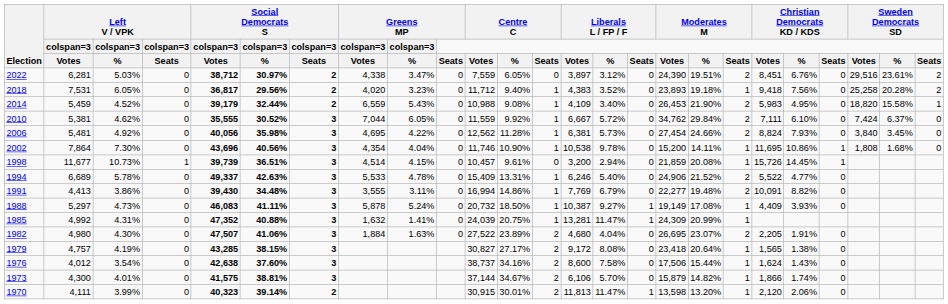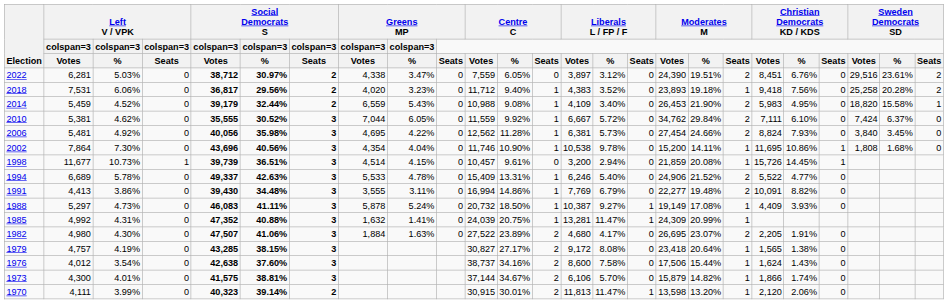 <table class="wikitable" border="1" style="font-size:95%; text-align:right;">
 <tr>
 <th style="text-align:left;" valign=bottom rowspan=3>Election</th>
 <th valign=bottom colspan=3><a href='#'>Left</a><br>V / VPK</th>
 <th valign=bottom colspan=3><a href='#'>Social<br>Democrats</a><br>S</th>
 <th valign=bottom colspan=3><a href='#'>Greens</a><br>MP</th>
 <th valign=bottom colspan=3><a href='#'>Centre</a><br>C</th>
 <th valign=bottom colspan=3><a href='#'>Liberals</a><br>L / FP / F</th>
 <th valign=bottom colspan=3><a href='#'>Moderates</a><br>M</th>
 <th valign=bottom colspan=3><a href='#'>Christian<br>Democrats</a><br>KD / KDS</th>
 <th valign=bottom colspan=3><a href='#'>Sweden<br>Democrats</a><br>SD</th>
 </tr>
 <tr>
 <th>colspan=3 </th>
 <th>colspan=3 </th>
 <th>colspan=3 </th>
 <th>colspan=3 </th>
 <th>colspan=3 </th>
 <th>colspan=3 </th>
 <th>colspan=3 </th>
 <th>colspan=3 </th>
 </tr>
 <tr>
 <th>Votes</th>
 <th>%</th>
 <th>Seats</th>
 <th>Votes</th>
 <th>%</th>
 <th>Seats</th>
 <th>Votes</th>
 <th>%</th>
 <th>Seats</th>
 <th>Votes</th>
 <th>%</th>
 <th>Seats</th>
 <th>Votes</th>
 <th>%</th>
 <th>Seats</th>
 <th>Votes</th>
 <th>%</th>
 <th>Seats</th>
 <th>Votes</th>
 <th>%</th>
 <th>Seats</th>
 <th>Votes</th>
 <th>%</th>
 <th>Seats</th>
 </tr>
 <tr>
 <td align=left><a href='#'>2022</a></td>
 <td>6,281</td>
 <td>5.03%</td>
 <td>0</td>
 <td><strong>38,712</strong></td>
 <td><strong>30.97%</strong></td>
 <td><strong>2</strong></td>
 <td>4,338</td>
 <td>3.47%</td>
 <td>0</td>
 <td>7,559</td>
 <td>6.05%</td>
 <td>0</td>
 <td>3,897</td>
 <td>3.12%</td>
 <td>0</td>
 <td>24,390</td>
 <td>19.51%</td>
 <td>2</td>
 <td>8,451</td>
 <td>6.76%</td>
 <td>0</td>
 <td>29,516</td>
 <td>23.61%</td>
 <td>2</td>
 </tr>
 <tr>
 <td align=left><a href='#'>2018</a></td>
 <td>7,531</td>
-<td>6.05%</td>
+<td>6.06%</td>
 <td>0</td>
 <td><strong>36,817</strong></td>
 <td><strong>29.56%</strong></td>
 <td><strong>2</strong></td>
 <td>4,020</td>
 <td>3.23%</td>
 <td>0</td>
 <td>11,712</td>
 <td>9.40%</td>
 <td>1</td>
 <td>4,383</td>
 <td>3.52%</td>
 <td>0</td>
 <td>23,893</td>
 <td>19.18%</td>
 <td>1</td>
 <td>9,418</td>
 <td>7.56%</td>
 <td>0</td>
 <td>25,258</td>
 <td>20.28%</td>
 <td>2</td>
 </tr>
 <tr>
 <td align=left><a href='#'>2014</a></td>
 <td>5,459</td>
 <td>4.52%</td>
 <td>0</td>
 <td><strong>39,179</strong></td>
 <td><strong>32.44%</strong></td>
 <td><strong>2</strong></td>
 <td>6,559</td>
 <td>5.43%</td>
 <td>0</td>
 <td>10,988</td>
 <td>9.08%</td>
 <td>1</td>
 <td>4,109</td>
 <td>3.40%</td>
 <td>0</td>
 <td>26,453</td>
 <td>21.90%</td>
 <td>2</td>
 <td>5,983</td>
 <td>4.95%</td>
 <td>0</td>
 <td>18,820</td>
 <td>15.58%</td>
 <td>1</td>
 </tr>
 <tr>
 <td align=left><a href='#'>2010</a></td>
 <td>5,381</td>
 <td>4.62%</td>
 <td>0</td>
 <td><strong>35,555</strong></td>
 <td><strong>30.52%</strong></td>
 <td><strong>3</strong></td>
 <td>7,044</td>
 <td>6.05%</td>
 <td>0</td>
 <td>11,559</td>
 <td>9.92%</td>
 <td>1</td>
 <td>6,667</td>
 <td>5.72%</td>
 <td>0</td>
 <td>34,762</td>
 <td>29.84%</td>
 <td>2</td>
 <td>7,111</td>
 <td>6.10%</td>
 <td>0</td>
 <td>7,424</td>
 <td>6.37%</td>
 <td>0</td>
 </tr>
 <tr>
 <td align=left><a href='#'>2006</a></td>
 <td>5,481</td>
 <td>4.92%</td>
 <td>0</td>
 <td><strong>40,056</strong></td>
 <td><strong>35.98%</strong></td>
 <td><strong>3</strong></td>
 <td>4,695</td>
 <td>4.22%</td>
 <td>0</td>
 <td>12,562</td>
 <td>11.28%</td>
 <td>1</td>
 <td>6,381</td>
 <td>5.73%</td>
 <td>0</td>
 <td>27,454</td>
 <td>24.66%</td>
 <td>2</td>
 <td>8,824</td>
 <td>7.93%</td>
 <td>0</td>
 <td>3,840</td>
 <td>3.45%</td>
 <td>0</td>
 </tr>
 <tr>
 <td align=left><a href='#'>2002</a></td>
 <td>7,864</td>
 <td>7.30%</td>
 <td>0</td>
 <td><strong>43,696</strong></td>
 <td><strong>40.56%</strong></td>
 <td><strong>3</strong></td>
 <td>4,354</td>
 <td>4.04%</td>
 <td>0</td>
 <td>11,746</td>
 <td>10.90%</td>
 <td>1</td>
 <td>10,538</td>
 <td>9.78%</td>
 <td>0</td>
 <td>15,200</td>
 <td>14.11%</td>
 <td>1</td>
 <td>11,695</td>
 <td>10.86%</td>
 <td>1</td>
 <td>1,808</td>
 <td>1.68%</td>
 <td>0</td>
 </tr>
 <tr>
 <td align=left><a href='#'>1998</a></td>
 <td>11,677</td>
 <td>10.73%</td>
 <td>1</td>
 <td><strong>39,739</strong></td>
 <td><strong>36.51%</strong></td>
 <td><strong>3</strong></td>
 <td>4,514</td>
 <td>4.15%</td>
 <td>0</td>
 <td>10,457</td>
 <td>9.61%</td>
 <td>0</td>
 <td>3,200</td>
 <td>2.94%</td>
 <td>0</td>
 <td>21,859</td>
 <td>20.08%</td>
 <td>1</td>
 <td>15,726</td>
 <td>14.45%</td>
 <td>1</td>
 <td></td>
 <td></td>
 <td></td>
 </tr>
 <tr>
 <td align=left><a href='#'>1994</a></td>
 <td>6,689</td>
 <td>5.78%</td>
 <td>0</td>
 <td><strong>49,337</strong></td>
 <td><strong>42.63%</strong></td>
 <td><strong>3</strong></td>
 <td>5,533</td>
 <td>4.78%</td>
 <td>0</td>
 <td>15,409</td>
 <td>13.31%</td>
 <td>1</td>
 <td>6,246</td>
 <td>5.40%</td>
 <td>0</td>
 <td>24,906</td>
 <td>21.52%</td>
 <td>2</td>
 <td>5,522</td>
 <td>4.77%</td>
 <td>0</td>
 <td></td>
 <td></td>
 <td></td>
 </tr>
 <tr>
 <td align=left><a href='#'>1991</a></td>
 <td>4,413</td>
 <td>3.86%</td>
 <td>0</td>
 <td><strong>39,430</strong></td>
 <td><strong>34.48%</strong></td>
 <td><strong>3</strong></td>
 <td>3,555</td>
 <td>3.11%</td>
 <td>0</td>
 <td>16,994</td>
 <td>14.86%</td>
 <td>1</td>
 <td>7,769</td>
 <td>6.79%</td>
 <td>0</td>
 <td>22,277</td>
 <td>19.48%</td>
 <td>2</td>
 <td>10,091</td>
 <td>8.82%</td>
 <td>0</td>
 <td></td>
 <td></td>
 <td></td>
 </tr>
 <tr>
 <td align=left><a href='#'>1988</a></td>
 <td>5,297</td>
 <td>4.73%</td>
 <td>0</td>
 <td><strong>46,083</strong></td>
 <td><strong>41.11%</strong></td>
 <td><strong>3</strong></td>
 <td>5,878</td>
 <td>5.24%</td>
 <td>0</td>
 <td>20,732</td>
 <td>18.50%</td>
 <td>1</td>
 <td>10,387</td>
 <td>9.27%</td>
 <td>1</td>
 <td>19,149</td>
 <td>17.08%</td>
 <td>1</td>
 <td>4,409</td>
 <td>3.93%</td>
 <td>0</td>
 <td></td>
 <td></td>
 <td></td>
 </tr>
 <tr>
 <td align=left><a href='#'>1985</a></td>
 <td>4,992</td>
 <td>4.31%</td>
 <td>0</td>
 <td><strong>47,352</strong></td>
 <td><strong>40.88%</strong></td>
 <td><strong>3</strong></td>
 <td>1,632</td>
 <td>1.41%</td>
 <td>0</td>
 <td>24,039</td>
 <td>20.75%</td>
 <td>1</td>
 <td>13,281</td>
 <td>11.47%</td>
 <td>1</td>
 <td>24,309</td>
 <td>20.99%</td>
 <td>1</td>
 <td></td>
 <td></td>
 <td></td>
 <td></td>
 <td></td>
 <td></td>
 </tr>
 <tr>
 <td align=left><a href='#'>1982</a></td>
 <td>4,980</td>
 <td>4.30%</td>
 <td>0</td>
 <td><strong>47,507</strong></td>
 <td><strong>41.06%</strong></td>
 <td><strong>3</strong></td>
 <td>1,884</td>
 <td>1.63%</td>
 <td>0</td>
 <td>27,522</td>
 <td>23.89%</td>
 <td>2</td>
 <td>4,680</td>
-<td>4.04%</td>
+<td>4.17%</td>
 <td>0</td>
 <td>26,695</td>
 <td>23.07%</td>
 <td>2</td>
 <td>2,205</td>
 <td>1.91%</td>
 <td>0</td>
 <td></td>
 <td></td>
 <td></td>
 </tr>
 <tr>
 <td align=left><a href='#'>1979</a></td>
 <td>4,757</td>
 <td>4.19%</td>
 <td>0</td>
 <td><strong>43,285</strong></td>
 <td><strong>38.15%</strong></td>
 <td><strong>3</strong></td>
 <td></td>
 <td></td>
 <td></td>
 <td>30,827</td>
 <td>27.17%</td>
 <td>2</td>
 <td>9,172</td>
 <td>8.08%</td>
 <td>0</td>
 <td>23,418</td>
 <td>20.64%</td>
 <td>1</td>
 <td>1,565</td>
 <td>1.38%</td>
 <td>0</td>
 <td></td>
 <td></td>
 <td></td>
 </tr>
 <tr>
 <td align=left><a href='#'>1976</a></td>
 <td>4,012</td>
 <td>3.54%</td>
 <td>0</td>
 <td><strong>42,638</strong></td>
 <td><strong>37.60%</strong></td>
 <td><strong>3</strong></td>
 <td></td>
 <td></td>
 <td></td>
 <td>38,737</td>
 <td>34.16%</td>
 <td>2</td>
 <td>8,600</td>
 <td>7.58%</td>
 <td>0</td>
 <td>17,506</td>
 <td>15.44%</td>
 <td>1</td>
 <td>1,624</td>
 <td>1.43%</td>
 <td>0</td>
 <td></td>
 <td></td>
 <td></td>
 </tr>
 <tr>
 <td align=left><a href='#'>1973</a></td>
 <td>4,300</td>
 <td>4.01%</td>
 <td>0</td>
 <td><strong>41,575</strong></td>
 <td><strong>38.81%</strong></td>
 <td><strong>3</strong></td>
 <td></td>
 <td></td>
 <td></td>
 <td>37,144</td>
 <td>34.67%</td>
 <td>2</td>
 <td>6,106</td>
 <td>5.70%</td>
 <td>0</td>
 <td>15,879</td>
 <td>14.82%</td>
 <td>1</td>
 <td>1,866</td>
 <td>1.74%</td>
 <td>0</td>
 <td></td>
 <td></td>
 <td></td>
 </tr>
 <tr>
 <td align=left><a href='#'>1970</a></td>
 <td>4,111</td>
 <td>3.99%</td>
 <td>0</td>
 <td><strong>40,323</strong></td>
 <td><strong>39.14%</strong></td>
 <td><strong>2</strong></td>
 <td></td>
 <td></td>
 <td></td>
 <td>30,915</td>
 <td>30.01%</td>
 <td>2</td>
 <td>11,813</td>
 <td>11.47%</td>
 <td>1</td>
 <td>13,598</td>
 <td>13.20%</td>
 <td>1</td>
 <td>2,120</td>
 <td>2.06%</td>
 <td>0</td>
 <td></td>
 <td></td>
 <td></td>
 </tr>
 </table>
